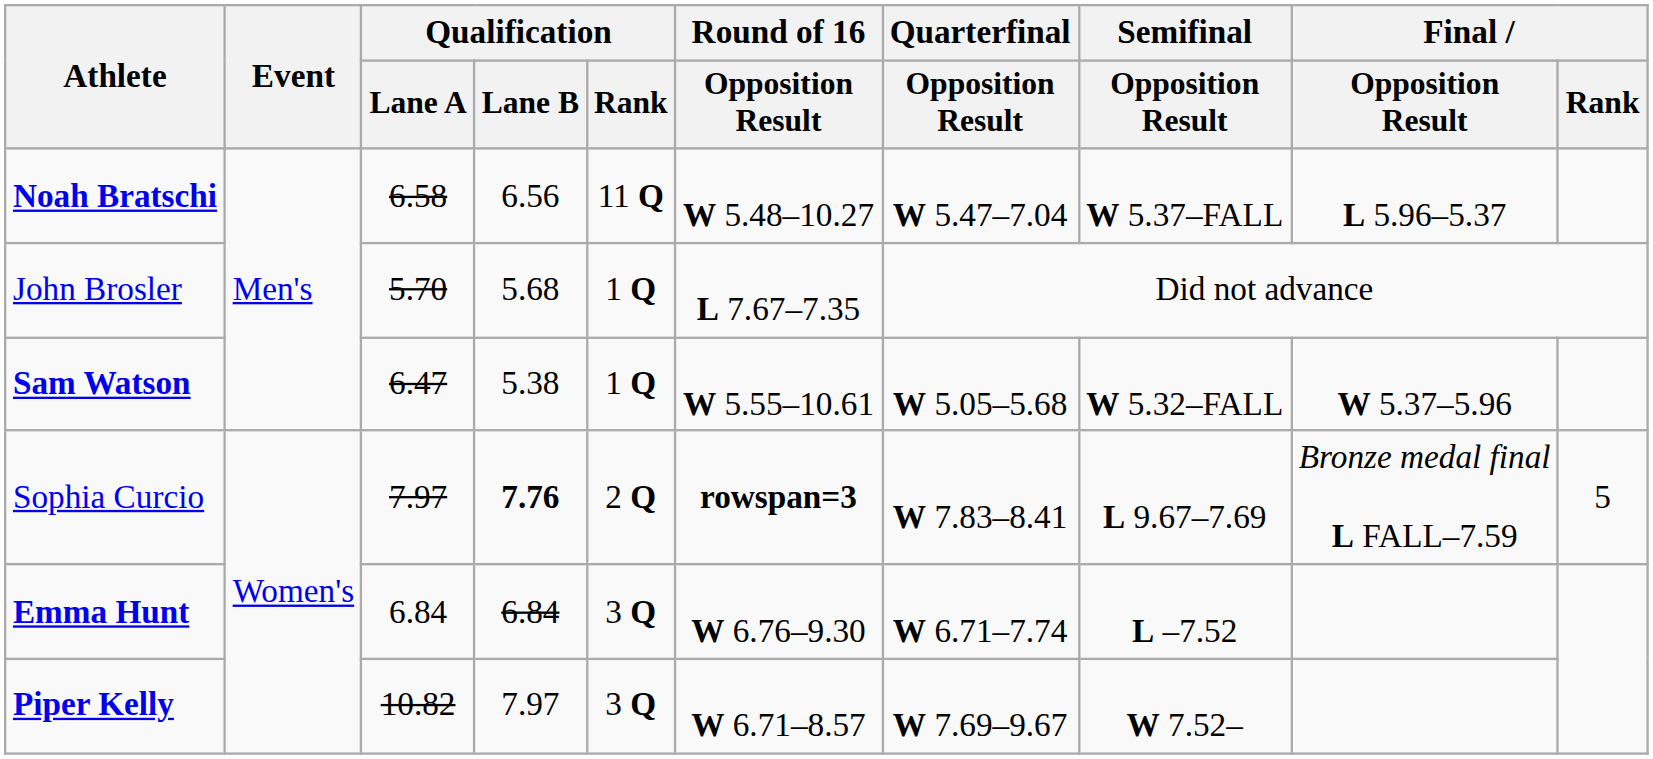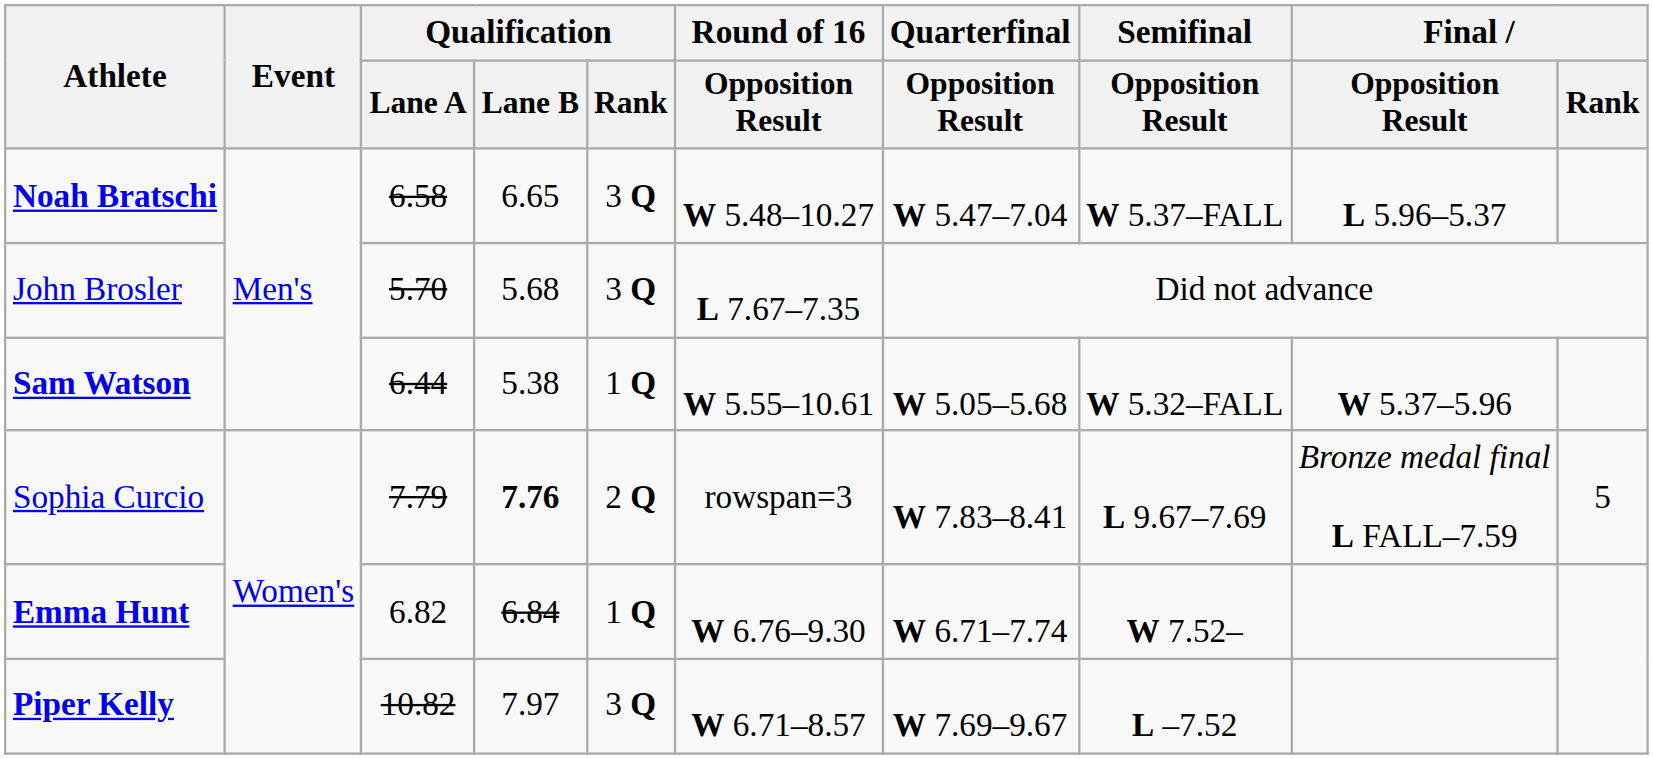 <table class=wikitable style=font-size:90%;text-align:center>
 <tr>
 <th rowspan=2>Athlete</th>
 <th rowspan=2>Event</th>
 <th colspan=3>Qualification</th>
 <th>Round of 16</th>
 <th>Quarterfinal</th>
 <th>Semifinal</th>
 <th colspan=2>Final / </th>
 </tr>
 <tr style=font-size:95%>
 <th>Lane A</th>
 <th>Lane B</th>
 <th>Rank</th>
 <th>Opposition<br>Result</th>
 <th>Opposition<br>Result</th>
 <th>Opposition<br>Result</th>
 <th>Opposition<br>Result</th>
 <th>Rank</th>
 </tr>
 <tr>
 <td align=left><strong><a href='#'>Noah Bratschi</a></strong></td>
 <td align=left rowspan=3><a href='#'>Men's</a></td>
 <td><s>6.58</s></td>
-<td>6.56</td>
-<td>11 <strong>Q</strong></td>
+<td>6.65</td>
+<td>3 <strong>Q</strong></td>
 <td><br><strong>W</strong> 5.48–10.27</td>
 <td><br><strong>W</strong> 5.47–7.04</td>
 <td><br><strong>W</strong> 5.37–FALL</td>
 <td><br><strong>L</strong> 5.96–5.37</td>
 <td></td>
 </tr>
 <tr>
 <td align=left><a href='#'>John Brosler</a></td>
 <td><s>5.70</s></td>
 <td>5.68</td>
-<td>1 <strong>Q</strong></td>
+<td>3 <strong>Q</strong></td>
 <td><br><strong>L</strong> 7.67–7.35</td>
 <td colspan=4>Did not advance</td>
 </tr>
 <tr>
 <td align=left><strong><a href='#'>Sam Watson</a></strong></td>
-<td><s>6.47</s></td>
+<td><s>6.44</s></td>
 <td>5.38</td>
 <td>1 <strong>Q</strong></td>
 <td><br><strong>W</strong> 5.55–10.61</td>
 <td><br><strong>W</strong> 5.05–5.68</td>
 <td><br><strong>W</strong> 5.32–FALL</td>
 <td><br><strong>W</strong> 5.37–5.96</td>
 <td></td>
 </tr>
 <tr>
 <td align=left><a href='#'>Sophia Curcio</a></td>
 <td align=left rowspan=3><a href='#'>Women's</a></td>
-<td><s>7.97</s></td>
+<td><s>7.79</s></td>
 <td><strong>7.76</strong></td>
 <td>2 <strong>Q</strong></td>
-<td><strong>rowspan=3 </strong></td>
+<td>rowspan=3 </td>
 <td><br><strong>W</strong> 7.83–8.41</td>
 <td><br><strong>L</strong> 9.67–7.69</td>
 <td><em>Bronze medal final</em><br><br><strong>L</strong> FALL–7.59</td>
 <td>5</td>
 </tr>
 <tr>
 <td align=left><strong><a href='#'>Emma Hunt</a></strong></td>
-<td>6.84</td>
+<td>6.82</td>
 <td><s>6.84</s></td>
-<td>3 <strong>Q</strong></td>
+<td>1 <strong>Q</strong></td>
 <td><br><strong>W</strong> 6.76–9.30</td>
 <td><br><strong>W</strong> 6.71–7.74</td>
-<td><br><strong>L</strong> –7.52</td>
+<td><br><strong>W</strong> 7.52–</td>
 <td></td>
 </tr>
 <tr>
 <td align=left><strong><a href='#'>Piper Kelly</a></strong></td>
 <td><s>10.82</s></td>
 <td>7.97</td>
 <td>3 <strong>Q</strong></td>
 <td><br><strong>W</strong> 6.71–8.57</td>
 <td><br><strong>W</strong> 7.69–9.67</td>
-<td><br><strong>W</strong> 7.52–</td>
+<td><br><strong>L</strong> –7.52</td>
 <td></td>
 </tr>
 </table>
